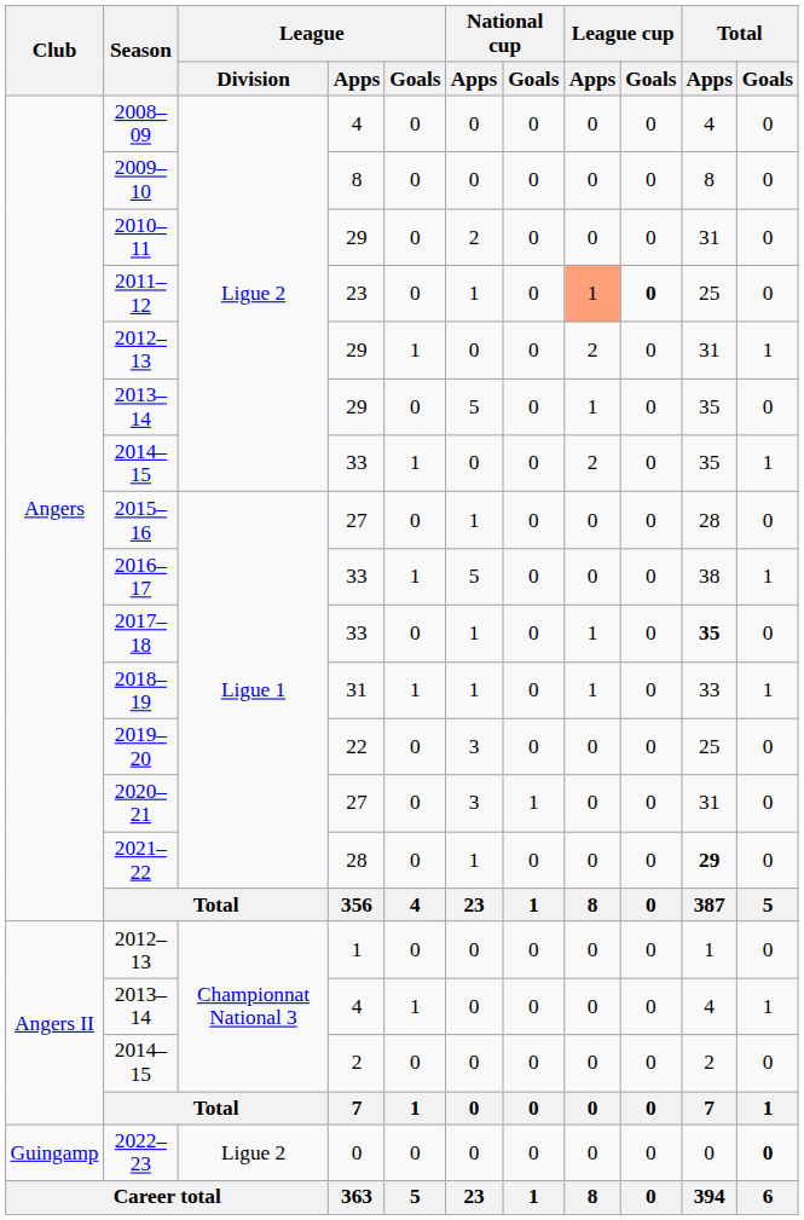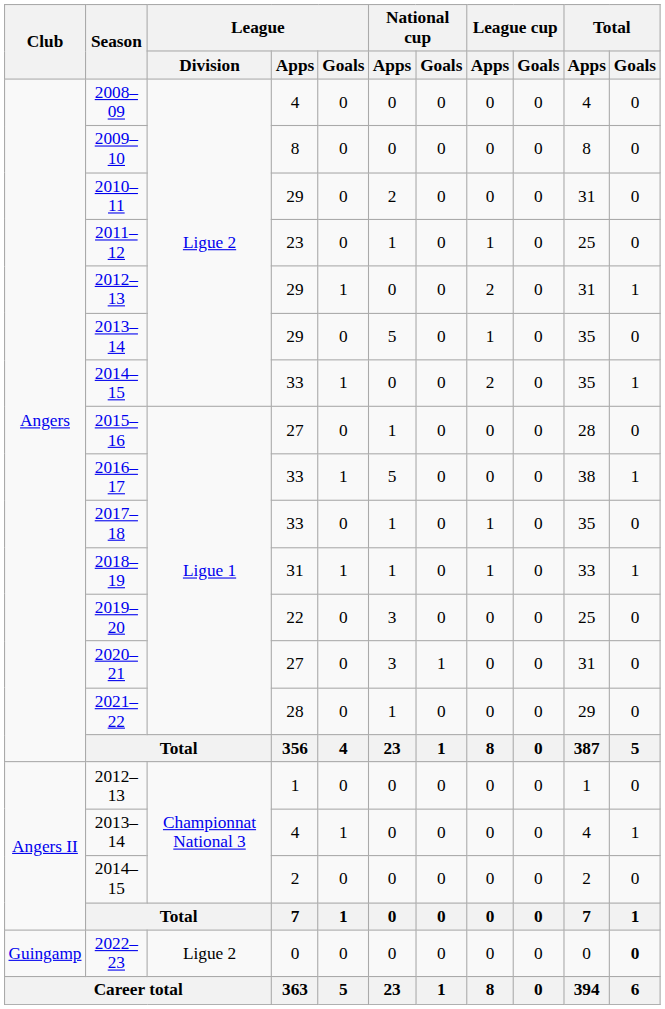 <table class="wikitable" style="text-align:center">
 <tr>
 <th rowspan="2">Club</th>
 <th rowspan="2">Season</th>
 <th colspan="3">League</th>
 <th colspan="2">National cup</th>
 <th colspan="2">League cup</th>
 <th colspan="2">Total</th>
 </tr>
 <tr>
 <th>Division</th>
 <th>Apps</th>
 <th>Goals</th>
 <th>Apps</th>
 <th>Goals</th>
 <th>Apps</th>
 <th>Goals</th>
 <th>Apps</th>
 <th>Goals</th>
 </tr>
 <tr>
 <td rowspan="15"><a href='#'>Angers</a></td>
 <td><a href='#'>2008–09</a></td>
 <td rowspan="7"><a href='#'>Ligue 2</a></td>
 <td>4</td>
 <td>0</td>
 <td>0</td>
 <td>0</td>
 <td>0</td>
 <td>0</td>
 <td>4</td>
 <td>0</td>
 </tr>
 <tr>
 <td><a href='#'>2009–10</a></td>
 <td>8</td>
 <td>0</td>
 <td>0</td>
 <td>0</td>
 <td>0</td>
 <td>0</td>
 <td>8</td>
 <td>0</td>
 </tr>
 <tr>
 <td><a href='#'>2010–11</a></td>
 <td>29</td>
 <td>0</td>
 <td>2</td>
 <td>0</td>
 <td>0</td>
 <td>0</td>
 <td>31</td>
 <td>0</td>
 </tr>
 <tr>
 <td><a href='#'>2011–12</a></td>
 <td>23</td>
 <td>0</td>
 <td>1</td>
 <td>0</td>
-<td style="background: lightsalmon;">1</td>
-<td><strong>0</strong></td>
+<td>1</td>
+<td>0</td>
 <td>25</td>
 <td>0</td>
 </tr>
 <tr>
 <td><a href='#'>2012–13</a></td>
 <td>29</td>
 <td>1</td>
 <td>0</td>
 <td>0</td>
 <td>2</td>
 <td>0</td>
 <td>31</td>
 <td>1</td>
 </tr>
 <tr>
 <td><a href='#'>2013–14</a></td>
 <td>29</td>
 <td>0</td>
 <td>5</td>
 <td>0</td>
 <td>1</td>
 <td>0</td>
 <td>35</td>
 <td>0</td>
 </tr>
 <tr>
 <td><a href='#'>2014–15</a></td>
 <td>33</td>
 <td>1</td>
 <td>0</td>
 <td>0</td>
 <td>2</td>
 <td>0</td>
 <td>35</td>
 <td>1</td>
 </tr>
 <tr>
 <td><a href='#'>2015–16</a></td>
 <td rowspan="7"><a href='#'>Ligue 1</a></td>
 <td>27</td>
 <td>0</td>
 <td>1</td>
 <td>0</td>
 <td>0</td>
 <td>0</td>
 <td>28</td>
 <td>0</td>
 </tr>
 <tr>
 <td><a href='#'>2016–17</a></td>
 <td>33</td>
 <td>1</td>
 <td>5</td>
 <td>0</td>
 <td>0</td>
 <td>0</td>
 <td>38</td>
 <td>1</td>
 </tr>
 <tr>
 <td><a href='#'>2017–18</a></td>
 <td>33</td>
 <td>0</td>
 <td>1</td>
 <td>0</td>
 <td>1</td>
 <td>0</td>
-<td><strong>35</strong></td>
+<td>35</td>
 <td>0</td>
 </tr>
 <tr>
 <td><a href='#'>2018–19</a></td>
 <td>31</td>
 <td>1</td>
 <td>1</td>
 <td>0</td>
 <td>1</td>
 <td>0</td>
 <td>33</td>
 <td>1</td>
 </tr>
 <tr>
 <td><a href='#'>2019–20</a></td>
 <td>22</td>
 <td>0</td>
 <td>3</td>
 <td>0</td>
 <td>0</td>
 <td>0</td>
 <td>25</td>
 <td>0</td>
 </tr>
 <tr>
 <td><a href='#'>2020–21</a></td>
 <td>27</td>
 <td>0</td>
 <td>3</td>
 <td>1</td>
 <td>0</td>
 <td>0</td>
 <td>31</td>
 <td>0</td>
 </tr>
 <tr>
 <td><a href='#'>2021–22</a></td>
 <td>28</td>
 <td>0</td>
 <td>1</td>
 <td>0</td>
 <td>0</td>
 <td>0</td>
-<td><strong>29</strong></td>
+<td>29</td>
 <td>0</td>
 </tr>
 <tr>
 <th colspan="2">Total</th>
 <th>356</th>
 <th>4</th>
 <th>23</th>
 <th>1</th>
 <th>8</th>
 <th>0</th>
 <th>387</th>
 <th>5</th>
 </tr>
 <tr>
 <td rowspan="4"><a href='#'>Angers II</a></td>
 <td>2012–13</td>
 <td rowspan="3"><a href='#'>Championnat National 3</a></td>
 <td>1</td>
 <td>0</td>
 <td>0</td>
 <td>0</td>
 <td>0</td>
 <td>0</td>
 <td>1</td>
 <td>0</td>
 </tr>
 <tr>
 <td>2013–14</td>
 <td>4</td>
 <td>1</td>
 <td>0</td>
 <td>0</td>
 <td>0</td>
 <td>0</td>
 <td>4</td>
 <td>1</td>
 </tr>
 <tr>
 <td>2014–15</td>
 <td>2</td>
 <td>0</td>
 <td>0</td>
 <td>0</td>
 <td>0</td>
 <td>0</td>
 <td>2</td>
 <td>0</td>
 </tr>
 <tr>
 <th colspan="2">Total</th>
 <th>7</th>
 <th>1</th>
 <th>0</th>
 <th>0</th>
 <th>0</th>
 <th>0</th>
 <th>7</th>
 <th>1</th>
 </tr>
 <tr>
 <td><a href='#'>Guingamp</a></td>
 <td><a href='#'>2022–23</a></td>
 <td>Ligue 2</td>
 <td>0</td>
 <td>0</td>
 <td>0</td>
 <td>0</td>
 <td>0</td>
 <td>0</td>
 <td>0</td>
 <td><strong>0</strong></td>
 </tr>
 <tr>
 <th colspan="3">Career total</th>
 <th>363</th>
 <th>5</th>
 <th>23</th>
 <th>1</th>
 <th>8</th>
 <th>0</th>
 <th>394</th>
 <th>6</th>
 </tr>
 </table>
